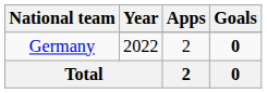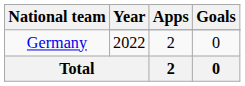 <table class="wikitable" style="text-align: center;">
 <tr>
 <th>National team</th>
 <th>Year</th>
 <th>Apps</th>
 <th>Goals</th>
 </tr>
 <tr>
 <td rowspan="2"><a href='#'>Germany</a></td>
 </tr>
 <tr>
 <td>2022</td>
 <td>2</td>
-<td><strong>0</strong></td>
+<td>0</td>
 </tr>
 <tr>
 <th colspan="2">Total</th>
 <th>2</th>
 <th>0</th>
 </tr>
 </table>
